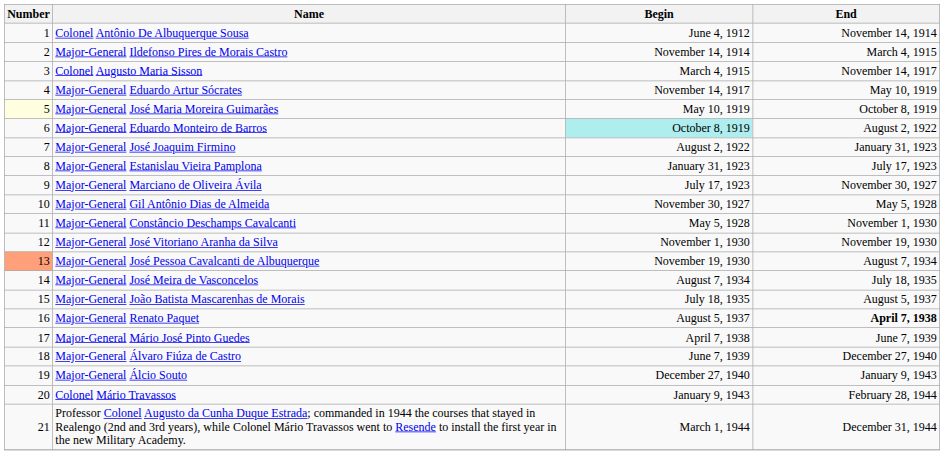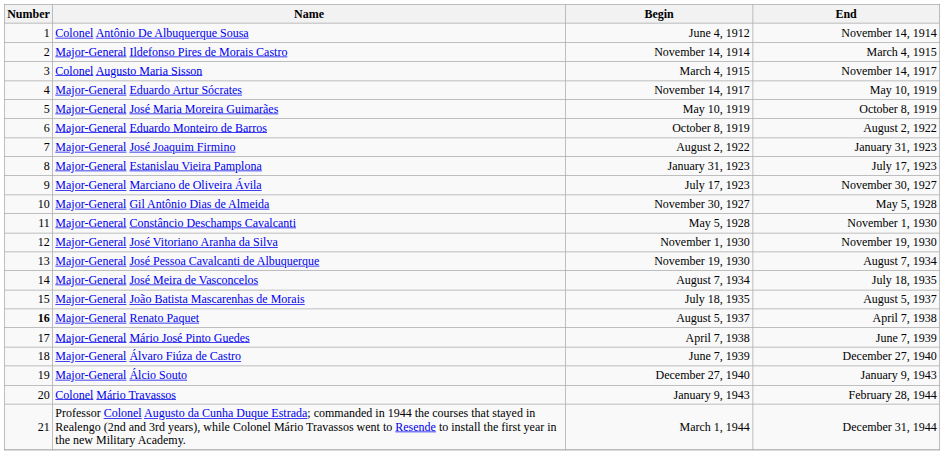 <table class="wikitable">
 <tr>
 <th width="5%">Number</th>
 <th>Name</th>
 <th width="20%">Begin</th>
 <th width="20%">End</th>
 </tr>
 <tr>
 <td align=right>1</td>
 <td rowspan=1><a href='#'>Colonel</a> <a href='#'>Antônio De Albuquerque Sousa</a></td>
 <td align=right>June 4, 1912</td>
 <td align=right>November 14, 1914</td>
 </tr>
 <tr>
 <td align=right>2</td>
 <td><a href='#'>Major-General</a> <a href='#'>Ildefonso Pires de Morais Castro</a></td>
 <td align=right>November 14, 1914</td>
 <td align=right>March 4, 1915</td>
 </tr>
 <tr>
 <td align=right>3</td>
 <td><a href='#'>Colonel</a> <a href='#'>Augusto Maria Sisson</a></td>
 <td align=right>March 4, 1915</td>
 <td align=right>November 14, 1917</td>
 </tr>
 <tr>
 <td align=right>4</td>
 <td><a href='#'>Major-General</a> <a href='#'>Eduardo Artur Sócrates</a></td>
 <td align=right>November 14, 1917</td>
 <td align=right>May 10, 1919</td>
 </tr>
 <tr>
-<td align=right style="background: lightyellow;">5</td>
+<td align=right>5</td>
 <td><a href='#'>Major-General</a> <a href='#'>José Maria Moreira Guimarães</a></td>
 <td align=right>May 10, 1919</td>
 <td align=right>October 8, 1919</td>
 </tr>
 <tr>
 <td align=right>6</td>
 <td rowspan=1><a href='#'>Major-General</a> <a href='#'>Eduardo Monteiro de Barros</a></td>
-<td align=right style="background: paleturquoise;">October 8, 1919</td>
+<td align=right>October 8, 1919</td>
 <td align=right>August 2, 1922</td>
 </tr>
 <tr>
 <td align=right>7</td>
 <td><a href='#'>Major-General</a> <a href='#'>José Joaquim Firmino</a></td>
 <td align=right>August 2, 1922</td>
 <td align=right>January 31, 1923</td>
 </tr>
 <tr>
 <td align=right>8</td>
 <td><a href='#'>Major-General</a> <a href='#'>Estanislau Vieira Pamplona</a></td>
 <td align=right>January 31, 1923</td>
 <td align=right>July 17, 1923</td>
 </tr>
 <tr>
 <td align=right>9</td>
 <td><a href='#'>Major-General</a> <a href='#'>Marciano de Oliveira Ávila</a></td>
 <td align=right>July 17, 1923</td>
 <td align=right>November 30, 1927</td>
 </tr>
 <tr>
 <td align=right>10</td>
 <td><a href='#'>Major-General</a> <a href='#'>Gil Antônio Dias de Almeida</a></td>
 <td align=right>November 30, 1927</td>
 <td align=right>May 5, 1928</td>
 </tr>
 <tr>
 <td align=right>11</td>
 <td><a href='#'>Major-General</a> <a href='#'>Constâncio Deschamps Cavalcanti</a></td>
 <td align=right>May 5, 1928</td>
 <td align=right>November 1, 1930</td>
 </tr>
 <tr>
 <td align=right>12</td>
 <td><a href='#'>Major-General</a> <a href='#'>José Vitoriano Aranha da Silva</a></td>
 <td align=right>November 1, 1930</td>
 <td align=right>November 19, 1930</td>
 </tr>
 <tr>
-<td align=right style="background: lightsalmon;">13</td>
+<td align=right>13</td>
 <td><a href='#'>Major-General</a> <a href='#'>José Pessoa Cavalcanti de Albuquerque</a></td>
 <td align=right>November 19, 1930</td>
 <td align=right>August 7, 1934</td>
 </tr>
 <tr>
 <td align=right>14</td>
 <td><a href='#'>Major-General</a> <a href='#'>José Meira de Vasconcelos</a></td>
 <td align=right>August 7, 1934</td>
 <td align=right>July 18, 1935</td>
 </tr>
 <tr>
 <td align=right>15</td>
 <td><a href='#'>Major-General</a> <a href='#'>João Batista Mascarenhas de Morais</a></td>
 <td align=right>July 18, 1935</td>
 <td align=right>August 5, 1937</td>
 </tr>
 <tr>
-<td align=right>16</td>
+<td align=right><strong>16</strong></td>
 <td><a href='#'>Major-General</a> <a href='#'>Renato Paquet</a></td>
 <td align=right>August 5, 1937</td>
-<td align=right><strong>April 7, 1938</strong></td>
+<td align=right>April 7, 1938</td>
 </tr>
 <tr>
 <td align=right>17</td>
 <td><a href='#'>Major-General</a> <a href='#'>Mário José Pinto Guedes</a></td>
 <td align=right>April 7, 1938</td>
 <td align=right>June 7, 1939</td>
 </tr>
 <tr>
 <td align=right>18</td>
 <td><a href='#'>Major-General</a> <a href='#'>Álvaro Fiúza de Castro</a></td>
 <td align=right>June 7, 1939</td>
 <td align=right>December 27, 1940</td>
 </tr>
 <tr>
 <td align=right>19</td>
 <td><a href='#'>Major-General</a> <a href='#'>Álcio Souto</a></td>
 <td align=right>December 27, 1940</td>
 <td align=right>January 9, 1943</td>
 </tr>
 <tr>
 <td align=right>20</td>
 <td><a href='#'>Colonel</a> <a href='#'>Mário Travassos</a></td>
 <td align=right>January 9, 1943</td>
 <td align=right>February 28, 1944</td>
 </tr>
 <tr>
 <td align=right>21</td>
 <td>Professor <a href='#'>Colonel</a> <a href='#'>Augusto da Cunha Duque Estrada</a>; commanded in 1944 the courses that stayed in Realengo (2nd and 3rd years), while Colonel Mário Travassos went to <a href='#'>Resende</a> to install the first year in the new Military Academy.</td>
 <td align=right>March 1, 1944</td>
 <td align=right>December 31, 1944</td>
 </tr>
 <tr>
 </tr>
 </table>
